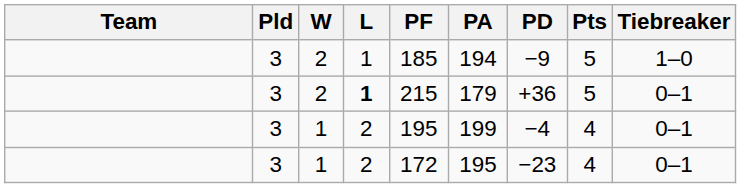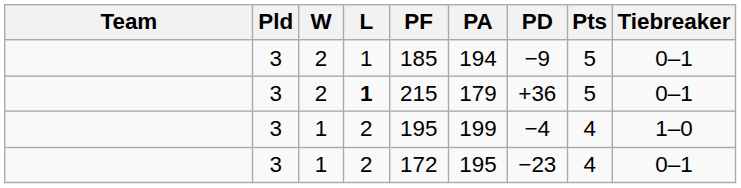 <table class="wikitable" style="text-align:center;">
 <tr>
 <th width=170>Team</th>
 <th width=25>Pld</th>
 <th width=25>W</th>
 <th width=25>L</th>
 <th width=35>PF</th>
 <th width=35>PA</th>
 <th width=35>PD</th>
 <th width=25>Pts</th>
 <th width=50>Tiebreaker</th>
 </tr>
 <tr style="background:ccffcc">
 <td style="text-align:left"></td>
 <td>3</td>
 <td>2</td>
 <td>1</td>
 <td>185</td>
 <td>194</td>
 <td>−9</td>
 <td>5</td>
-<td>1–0</td>
+<td>0–1</td>
 </tr>
 <tr style="background:ccffcc">
 <td style="text-align:left"></td>
 <td>3</td>
 <td>2</td>
 <td><strong>1</strong></td>
 <td>215</td>
 <td>179</td>
 <td>+36</td>
 <td>5</td>
 <td>0–1</td>
 </tr>
 <tr style="background:ccffcc">
 <td style="text-align:left"></td>
 <td>3</td>
 <td>1</td>
 <td>2</td>
 <td>195</td>
 <td>199</td>
 <td>−4</td>
 <td>4</td>
-<td>0–1</td>
+<td>1–0</td>
 </tr>
 <tr style="background:ffcccc">
 <td style="text-align:left"></td>
 <td>3</td>
 <td>1</td>
 <td>2</td>
 <td>172</td>
 <td>195</td>
 <td>−23</td>
 <td>4</td>
 <td>0–1</td>
 </tr>
 </table>
